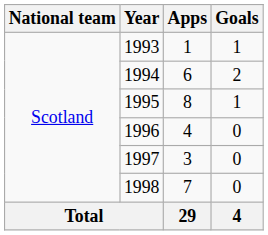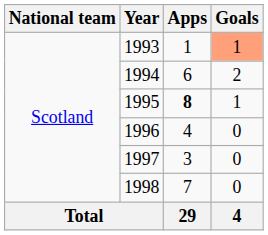 <table class="wikitable" style="text-align:center">
 <tr>
 <th>National team</th>
 <th>Year</th>
 <th>Apps</th>
 <th>Goals</th>
 </tr>
 <tr>
 <td rowspan="6"><a href='#'>Scotland</a></td>
 <td>1993</td>
 <td>1</td>
-<td>1</td>
+<td style="background: lightsalmon;">1</td>
 </tr>
 <tr>
 <td>1994</td>
 <td>6</td>
 <td>2</td>
 </tr>
 <tr>
 <td>1995</td>
-<td>8</td>
+<td><strong>8</strong></td>
 <td>1</td>
 </tr>
 <tr>
 <td>1996</td>
 <td>4</td>
 <td>0</td>
 </tr>
 <tr>
 <td>1997</td>
 <td>3</td>
 <td>0</td>
 </tr>
 <tr>
 <td>1998</td>
 <td>7</td>
 <td>0</td>
 </tr>
 <tr>
 <th colspan="2">Total</th>
 <th>29</th>
 <th>4</th>
 </tr>
 </table>
